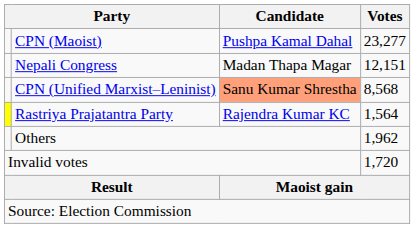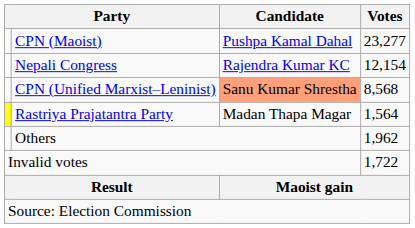 <table class="wikitable">
 <tr>
 <th colspan="2">Party</th>
 <th>Candidate</th>
 <th>Votes</th>
 </tr>
 <tr>
 <td style="background-color:"></td>
 <td><a href='#'>CPN (Maoist)</a></td>
 <td><a href='#'>Pushpa Kamal Dahal</a></td>
 <td>23,277</td>
 </tr>
 <tr>
 <td style="background-color:"></td>
 <td><a href='#'>Nepali Congress</a></td>
-<td>Madan Thapa Magar</td>
-<td>12,151</td>
+<td><a href='#'>Rajendra Kumar KC</a></td>
+<td>12,154</td>
 </tr>
 <tr>
 <td style="background-color:"></td>
 <td><a href='#'>CPN (Unified Marxist–Leninist)</a></td>
 <td style="background: lightsalmon;">Sanu Kumar Shrestha</td>
 <td>8,568</td>
 </tr>
 <tr>
 <td style="background-color:yellow"></td>
 <td><a href='#'>Rastriya Prajatantra Party</a></td>
-<td><a href='#'>Rajendra Kumar KC</a></td>
+<td>Madan Thapa Magar</td>
 <td>1,564</td>
 </tr>
 <tr>
 <td></td>
 <td colspan="2">Others</td>
 <td>1,962</td>
 </tr>
 <tr>
 <td colspan="3">Invalid votes</td>
-<td>1,720</td>
+<td>1,722</td>
 </tr>
 <tr>
 <th colspan="2">Result</th>
 <th colspan="2">Maoist gain</th>
 </tr>
 <tr>
 <td colspan="4">Source: Election Commission</td>
 </tr>
 </table>
